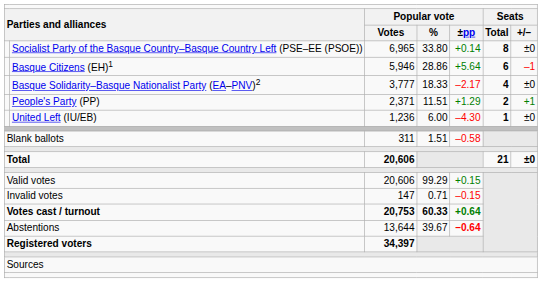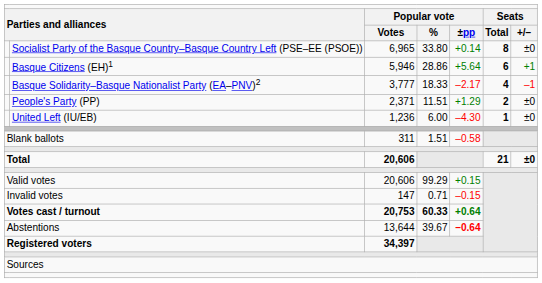 <table class="wikitable" style="text-align:right;">
 <tr>
 <td colspan="7"></td>
 </tr>
 <tr>
 <th style="text-align:left;" rowspan="2" colspan="2" width="525">Parties and alliances</th>
 <th colspan="3">Popular vote</th>
 <th colspan="2">Seats</th>
 </tr>
 <tr>
 <th width="75">Votes</th>
 <th width="45">%</th>
 <th width="45">±<a href='#'>pp</a></th>
 <th width="35">Total</th>
 <th width="35">+/−</th>
 </tr>
 <tr>
 <td width="1" style="color:inherit;background:"></td>
 <td align="left"><a href='#'>Socialist Party of the Basque Country–Basque Country Left</a> (PSE–EE (PSOE))</td>
 <td>6,965</td>
 <td>33.80</td>
 <td style="color:green;">+0.14</td>
 <td><strong>8</strong></td>
 <td>±0</td>
 </tr>
 <tr>
 <td style="color:inherit;background:"></td>
 <td align="left"><a href='#'>Basque Citizens</a> (EH)<sup>1</sup></td>
 <td>5,946</td>
 <td>28.86</td>
 <td style="color:green;">+5.64</td>
 <td><strong>6</strong></td>
-<td style="color:red;">–1</td>
+<td style="color:green;">+1</td>
 </tr>
 <tr>
 <td style="color:inherit;background:"></td>
 <td align="left"><a href='#'>Basque Solidarity–Basque Nationalist Party</a> (<a href='#'>EA</a>–<a href='#'>PNV</a>)<sup>2</sup></td>
 <td>3,777</td>
 <td>18.33</td>
 <td style="color:red;">–2.17</td>
 <td><strong>4</strong></td>
-<td>±0</td>
+<td style="color:red;">–1</td>
 </tr>
 <tr>
 <td style="color:inherit;background:"></td>
 <td align="left"><a href='#'>People's Party</a> (PP)</td>
 <td>2,371</td>
 <td>11.51</td>
 <td style="color:green;">+1.29</td>
 <td><strong>2</strong></td>
-<td style="color:green;">+1</td>
+<td>±0</td>
 </tr>
 <tr>
 <td style="color:inherit;background:"></td>
 <td align="left"><a href='#'>United Left</a> (IU/EB)</td>
 <td>1,236</td>
 <td>6.00</td>
 <td style="color:red;">–4.30</td>
 <td><strong>1</strong></td>
 <td>±0</td>
 </tr>
 <tr>
 <td colspan="7" style="color:inherit;background:#C0C0C0"></td>
 </tr>
 <tr>
 <td align="left" colspan="2">Blank ballots</td>
 <td>311</td>
 <td>1.51</td>
 <td style="color:red;">–0.58</td>
 <td style="color:inherit;background:#E9E9E9" colspan="2"></td>
 </tr>
 <tr>
 <td colspan="7" style="color:inherit;background:#E9E9E9"></td>
 </tr>
 <tr style="font-weight:bold;">
 <td align="left" colspan="2">Total</td>
 <td>20,606</td>
 <td bgcolor="#E9E9E9" colspan="2"></td>
 <td>21</td>
 <td>±0</td>
 </tr>
 <tr>
 <td colspan="7" style="color:inherit;background:#E9E9E9"></td>
 </tr>
 <tr>
 <td align="left" colspan="2">Valid votes</td>
 <td>20,606</td>
 <td>99.29</td>
 <td style="color:green;">+0.15</td>
 <td bgcolor="#E9E9E9" colspan="2" rowspan="5"></td>
 </tr>
 <tr>
 <td align="left" colspan="2">Invalid votes</td>
 <td>147</td>
 <td>0.71</td>
 <td style="color:red;">–0.15</td>
 </tr>
 <tr style="font-weight:bold;">
 <td align="left" colspan="2">Votes cast / turnout</td>
 <td>20,753</td>
 <td>60.33</td>
 <td style="color:green;">+0.64</td>
 </tr>
 <tr>
 <td align="left" colspan="2">Abstentions</td>
 <td>13,644</td>
 <td>39.67</td>
 <td style="color:red;"><strong>–0.64</strong></td>
 </tr>
 <tr style="font-weight:bold;">
 <td align="left" colspan="2">Registered voters</td>
 <td>34,397</td>
 <td bgcolor="#E9E9E9" colspan="2"></td>
 </tr>
 <tr>
 <td colspan="7" style="color:inherit;background:#E9E9E9"></td>
 </tr>
 <tr>
 <td align="left" colspan="7">Sources</td>
 </tr>
 <tr>
 <td colspan="7" style="text-align:left; max-width:790px;"></td>
 </tr>
 </table>
